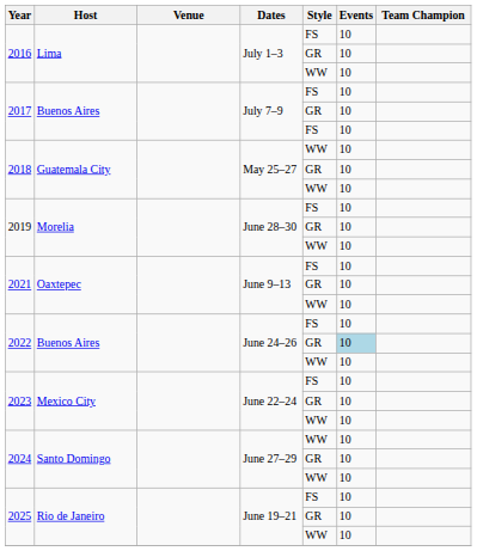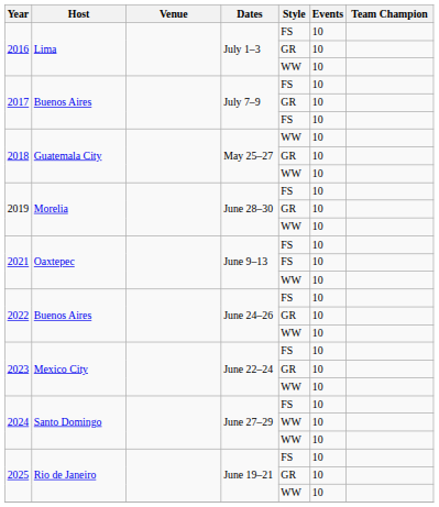 <table class="wikitable" style="text-align:left; font-size:90%">
 <tr>
 <th width=25px>Year</th>
 <th width=120px>Host</th>
 <th width=120px>Venue</th>
 <th width=70px>Dates</th>
 <th width=35px>Style</th>
 <th width=35px>Events</th>
 <th width=110px>Team Champion</th>
 </tr>
 <tr>
 <td rowspan=3><a href='#'>2016</a></td>
 <td rowspan=3> <a href='#'>Lima</a></td>
 <td rowspan=3></td>
 <td rowspan=3>July 1–3</td>
 <td>FS</td>
 <td>10</td>
 <td></td>
 </tr>
 <tr>
 <td>GR</td>
 <td>10</td>
 <td></td>
 </tr>
 <tr>
 <td>WW</td>
 <td>10</td>
 <td></td>
 </tr>
 <tr>
 <td rowspan=3><a href='#'>2017</a></td>
 <td rowspan=3> <a href='#'>Buenos Aires</a></td>
 <td rowspan=3></td>
 <td rowspan=3>July 7–9</td>
 <td>FS</td>
 <td>10</td>
 <td></td>
 </tr>
 <tr>
 <td>GR</td>
 <td>10</td>
 <td></td>
 </tr>
 <tr>
 <td>FS</td>
 <td>10</td>
 <td></td>
 </tr>
 <tr>
 <td rowspan=3><a href='#'>2018</a></td>
 <td rowspan=3> <a href='#'>Guatemala City</a></td>
 <td rowspan=3></td>
 <td rowspan=3>May 25–27</td>
 <td>WW</td>
 <td>10</td>
 <td></td>
 </tr>
 <tr>
 <td>GR</td>
 <td>10</td>
 <td></td>
 </tr>
 <tr>
 <td>WW</td>
 <td>10</td>
 <td></td>
 </tr>
 <tr>
 <td rowspan=3>2019</td>
 <td rowspan=3> <a href='#'>Morelia</a></td>
 <td rowspan=3></td>
 <td rowspan=3>June 28–30</td>
 <td>FS</td>
 <td>10</td>
 <td></td>
 </tr>
 <tr>
 <td>GR</td>
 <td>10</td>
 <td></td>
 </tr>
 <tr>
 <td>WW</td>
 <td>10</td>
 <td></td>
 </tr>
 <tr>
 <td rowspan=3><a href='#'>2021</a></td>
 <td rowspan=3> <a href='#'>Oaxtepec</a></td>
 <td rowspan=3></td>
 <td rowspan=3>June 9–13</td>
 <td>FS</td>
 <td>10</td>
 <td></td>
 </tr>
 <tr>
-<td>GR</td>
+<td>FS</td>
 <td>10</td>
 <td></td>
 </tr>
 <tr>
 <td>WW</td>
 <td>10</td>
 <td></td>
 </tr>
 <tr>
 <td rowspan=3><a href='#'>2022</a></td>
 <td rowspan=3> <a href='#'>Buenos Aires</a></td>
 <td rowspan=3></td>
 <td rowspan=3>June 24–26</td>
 <td>FS</td>
 <td>10</td>
 <td></td>
 </tr>
 <tr>
 <td>GR</td>
-<td style="background: lightblue;">10</td>
+<td>10</td>
 <td></td>
 </tr>
 <tr>
 <td>WW</td>
 <td>10</td>
 <td></td>
 </tr>
 <tr>
 <td rowspan=3><a href='#'>2023</a></td>
 <td rowspan=3> <a href='#'>Mexico City</a></td>
 <td rowspan=3></td>
 <td rowspan=3>June 22–24</td>
 <td>FS</td>
 <td>10</td>
 <td></td>
 </tr>
 <tr>
 <td>GR</td>
 <td>10</td>
 <td></td>
 </tr>
 <tr>
 <td>WW</td>
 <td>10</td>
 <td></td>
 </tr>
 <tr>
 <td rowspan=3><a href='#'>2024</a></td>
 <td rowspan=3> <a href='#'>Santo Domingo</a></td>
 <td rowspan=3></td>
 <td rowspan=3>June 27–29</td>
-<td>WW</td>
+<td>FS</td>
 <td>10</td>
 <td></td>
 </tr>
 <tr>
-<td>GR</td>
+<td>WW</td>
 <td>10</td>
 <td></td>
 </tr>
 <tr>
 <td>WW</td>
 <td>10</td>
 <td></td>
 </tr>
 <tr>
 <td rowspan=3><a href='#'>2025</a></td>
 <td rowspan=3> <a href='#'>Rio de Janeiro</a></td>
 <td rowspan=3></td>
 <td rowspan=3>June 19–21</td>
 <td>FS</td>
 <td>10</td>
 <td></td>
 </tr>
 <tr>
 <td>GR</td>
 <td>10</td>
 <td></td>
 </tr>
 <tr>
 <td>WW</td>
 <td>10</td>
 <td></td>
 </tr>
 <tr>
 </tr>
 </table>
